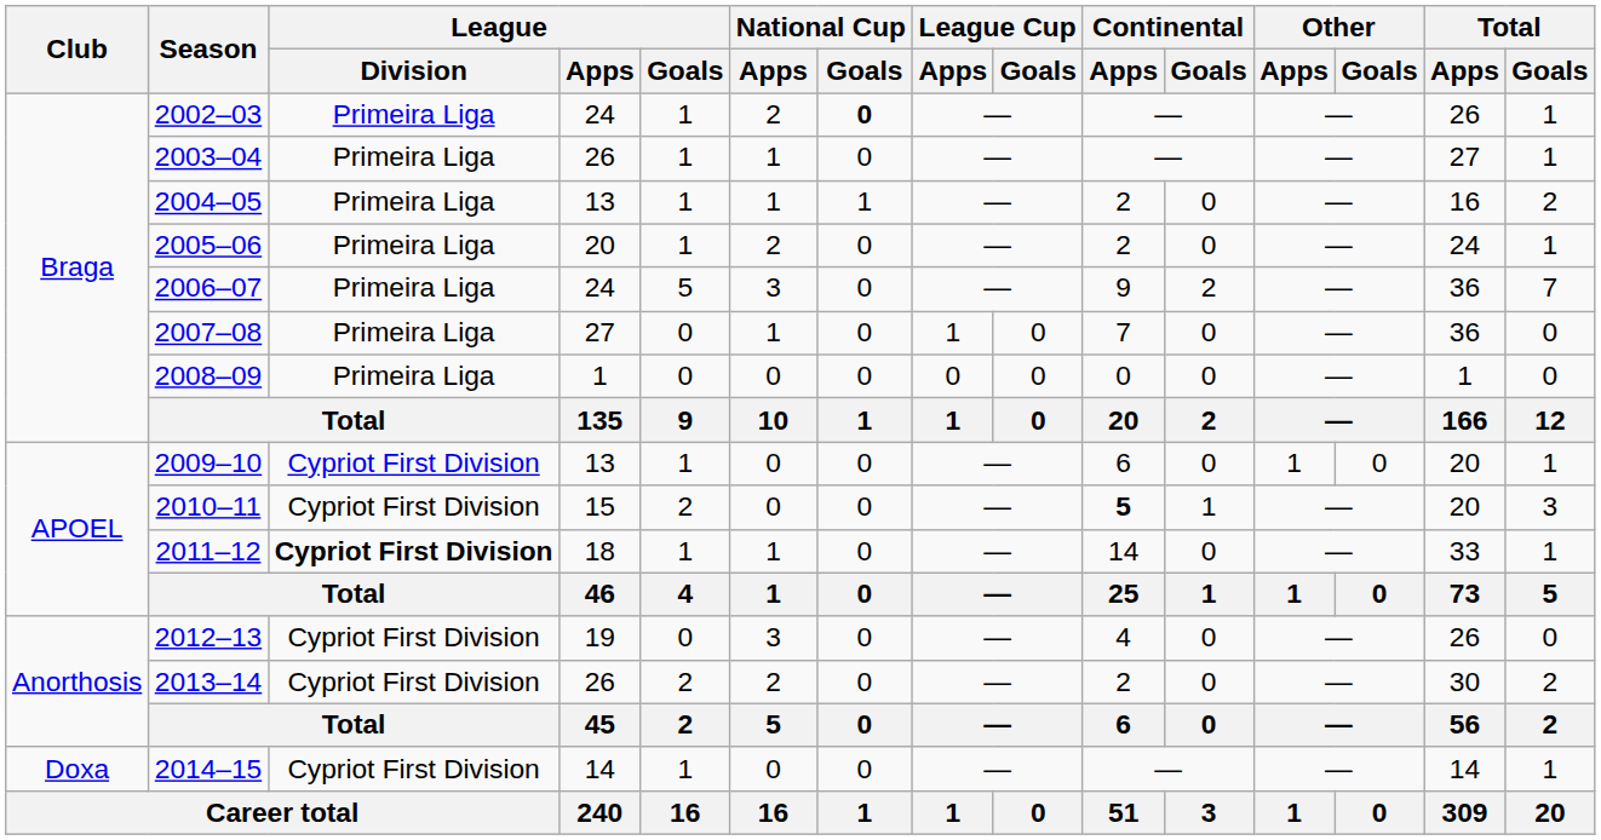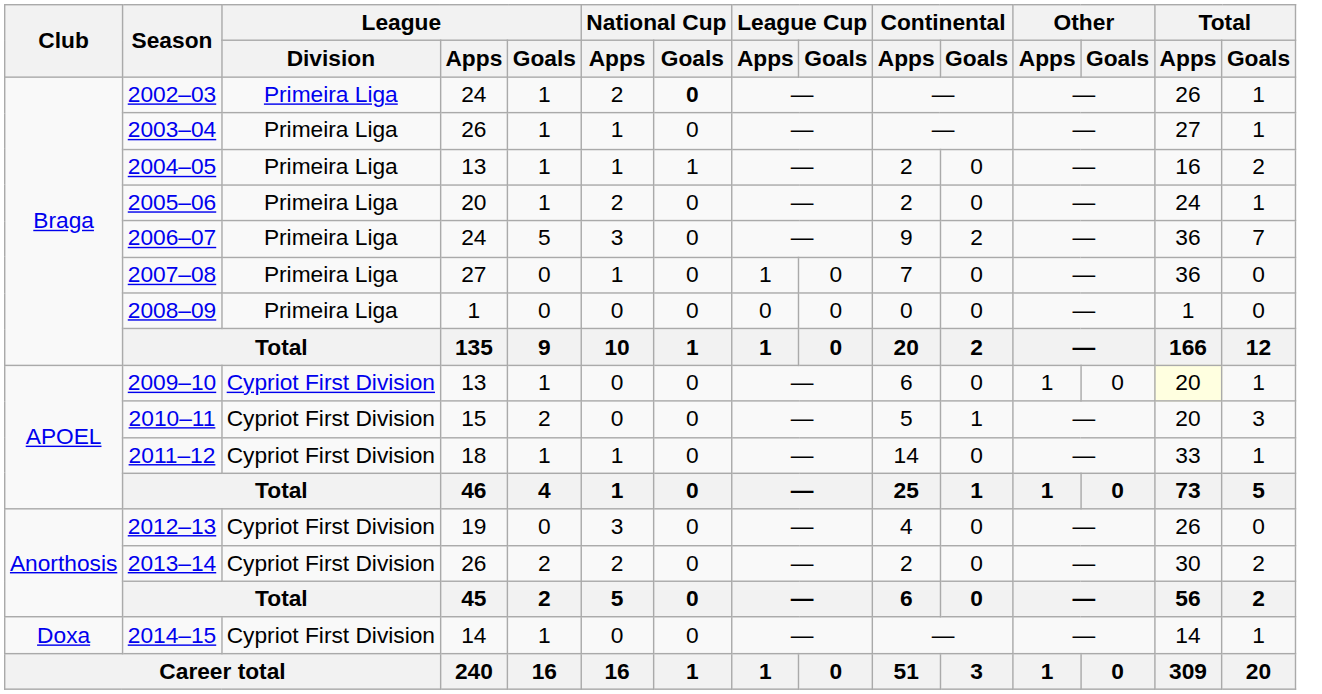 <table class="wikitable" style="text-align: center;">
 <tr>
 <th rowspan="2">Club</th>
 <th rowspan="2">Season</th>
 <th colspan="3">League</th>
 <th colspan="2">National Cup</th>
 <th colspan="2">League Cup</th>
 <th colspan="2">Continental</th>
 <th colspan="2">Other</th>
 <th colspan="2">Total</th>
 </tr>
 <tr>
 <th>Division</th>
 <th>Apps</th>
 <th>Goals</th>
 <th>Apps</th>
 <th>Goals</th>
 <th>Apps</th>
 <th>Goals</th>
 <th>Apps</th>
 <th>Goals</th>
 <th>Apps</th>
 <th>Goals</th>
 <th>Apps</th>
 <th>Goals</th>
 </tr>
 <tr>
 <td rowspan="8" valign="center"><a href='#'>Braga</a></td>
 <td><a href='#'>2002–03</a></td>
 <td><a href='#'>Primeira Liga</a></td>
 <td>24</td>
 <td>1</td>
 <td>2</td>
 <td><strong>0</strong></td>
 <td colspan="2">—</td>
 <td colspan="2">—</td>
 <td colspan="2">—</td>
 <td>26</td>
 <td>1</td>
 </tr>
 <tr>
 <td><a href='#'>2003–04</a></td>
 <td>Primeira Liga</td>
 <td>26</td>
 <td>1</td>
 <td>1</td>
 <td>0</td>
 <td colspan="2">—</td>
 <td colspan="2">—</td>
 <td colspan="2">—</td>
 <td>27</td>
 <td>1</td>
 </tr>
 <tr>
 <td><a href='#'>2004–05</a></td>
 <td>Primeira Liga</td>
 <td>13</td>
 <td>1</td>
 <td>1</td>
 <td>1</td>
 <td colspan="2">—</td>
 <td>2</td>
 <td>0</td>
 <td colspan="2">—</td>
 <td>16</td>
 <td>2</td>
 </tr>
 <tr>
 <td><a href='#'>2005–06</a></td>
 <td>Primeira Liga</td>
 <td>20</td>
 <td>1</td>
 <td>2</td>
 <td>0</td>
 <td colspan="2">—</td>
 <td>2</td>
 <td>0</td>
 <td colspan="2">—</td>
 <td>24</td>
 <td>1</td>
 </tr>
 <tr>
 <td><a href='#'>2006–07</a></td>
 <td>Primeira Liga</td>
 <td>24</td>
 <td>5</td>
 <td>3</td>
 <td>0</td>
 <td colspan="2">—</td>
 <td>9</td>
 <td>2</td>
 <td colspan="2">—</td>
 <td>36</td>
 <td>7</td>
 </tr>
 <tr>
 <td><a href='#'>2007–08</a></td>
 <td>Primeira Liga</td>
 <td>27</td>
 <td>0</td>
 <td>1</td>
 <td>0</td>
 <td>1</td>
 <td>0</td>
 <td>7</td>
 <td>0</td>
 <td colspan="2">—</td>
 <td>36</td>
 <td>0</td>
 </tr>
 <tr>
 <td><a href='#'>2008–09</a></td>
 <td>Primeira Liga</td>
 <td>1</td>
 <td>0</td>
 <td>0</td>
 <td>0</td>
 <td>0</td>
 <td>0</td>
 <td>0</td>
 <td>0</td>
 <td colspan="2">—</td>
 <td>1</td>
 <td>0</td>
 </tr>
 <tr>
 <th colspan="2">Total</th>
 <th>135</th>
 <th>9</th>
 <th>10</th>
 <th>1</th>
 <th>1</th>
 <th>0</th>
 <th>20</th>
 <th>2</th>
 <th colspan="2">—</th>
 <th>166</th>
 <th>12</th>
 </tr>
 <tr>
 <td rowspan="4" valign="center"><a href='#'>APOEL</a></td>
 <td><a href='#'>2009–10</a></td>
 <td><a href='#'>Cypriot First Division</a></td>
 <td>13</td>
 <td>1</td>
 <td>0</td>
 <td>0</td>
 <td colspan="2">—</td>
 <td>6</td>
 <td>0</td>
 <td>1</td>
 <td>0</td>
-<td>20</td>
+<td style="background: lightyellow;">20</td>
 <td>1</td>
 </tr>
 <tr>
 <td><a href='#'>2010–11</a></td>
 <td>Cypriot First Division</td>
 <td>15</td>
 <td>2</td>
 <td>0</td>
 <td>0</td>
 <td colspan="2">—</td>
-<td><strong>5</strong></td>
+<td>5</td>
 <td>1</td>
 <td colspan="2">—</td>
 <td>20</td>
 <td>3</td>
 </tr>
 <tr>
 <td><a href='#'>2011–12</a></td>
-<td><strong>Cypriot First Division</strong></td>
+<td>Cypriot First Division</td>
 <td>18</td>
 <td>1</td>
 <td>1</td>
 <td>0</td>
 <td colspan="2">—</td>
 <td>14</td>
 <td>0</td>
 <td colspan="2">—</td>
 <td>33</td>
 <td>1</td>
 </tr>
 <tr>
 <th colspan="2">Total</th>
 <th>46</th>
 <th>4</th>
 <th>1</th>
 <th>0</th>
 <th colspan="2">—</th>
 <th>25</th>
 <th>1</th>
 <th>1</th>
 <th>0</th>
 <th>73</th>
 <th>5</th>
 </tr>
 <tr>
 <td rowspan="3" valign="center"><a href='#'>Anorthosis</a></td>
 <td><a href='#'>2012–13</a></td>
 <td>Cypriot First Division</td>
 <td>19</td>
 <td>0</td>
 <td>3</td>
 <td>0</td>
 <td colspan="2">—</td>
 <td>4</td>
 <td>0</td>
 <td colspan="2">—</td>
 <td>26</td>
 <td>0</td>
 </tr>
 <tr>
 <td><a href='#'>2013–14</a></td>
 <td>Cypriot First Division</td>
 <td>26</td>
 <td>2</td>
 <td>2</td>
 <td>0</td>
 <td colspan="2">—</td>
 <td>2</td>
 <td>0</td>
 <td colspan="2">—</td>
 <td>30</td>
 <td>2</td>
 </tr>
 <tr>
 <th colspan="2">Total</th>
 <th>45</th>
 <th>2</th>
 <th>5</th>
 <th>0</th>
 <th colspan="2">—</th>
 <th>6</th>
 <th>0</th>
 <th colspan="2">—</th>
 <th>56</th>
 <th>2</th>
 </tr>
 <tr>
 <td rowspan="1" valign="center"><a href='#'>Doxa</a></td>
 <td><a href='#'>2014–15</a></td>
 <td>Cypriot First Division</td>
 <td>14</td>
 <td>1</td>
 <td>0</td>
 <td>0</td>
 <td colspan="2">—</td>
 <td colspan="2">—</td>
 <td colspan="2">—</td>
 <td>14</td>
 <td>1</td>
 </tr>
 <tr>
 <th colspan="3">Career total</th>
 <th>240</th>
 <th>16</th>
 <th>16</th>
 <th>1</th>
 <th>1</th>
 <th>0</th>
 <th>51</th>
 <th>3</th>
 <th>1</th>
 <th>0</th>
 <th>309</th>
 <th>20</th>
 </tr>
 </table>
